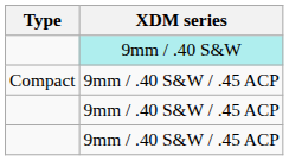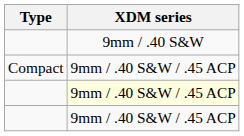 <table class="wikitable" style="text-align:center; font-size: 95%;">
 <tr>
 <th>Type</th>
 <th>XDM series</th>
 </tr>
 <tr>
 <td></td>
-<td style="background: paleturquoise;">9mm / .40 S&W</td>
+<td>9mm / .40 S&W</td>
 </tr>
 <tr>
 <td>Compact </td>
 <td>9mm / .40 S&W / .45 ACP</td>
 </tr>
 <tr>
 <td></td>
-<td>9mm / .40 S&W / .45 ACP</td>
+<td style="background: lightyellow;">9mm / .40 S&W / .45 ACP</td>
 </tr>
 <tr>
 <td></td>
 <td>9mm / .40 S&W / .45 ACP</td>
 </tr>
 </table>
